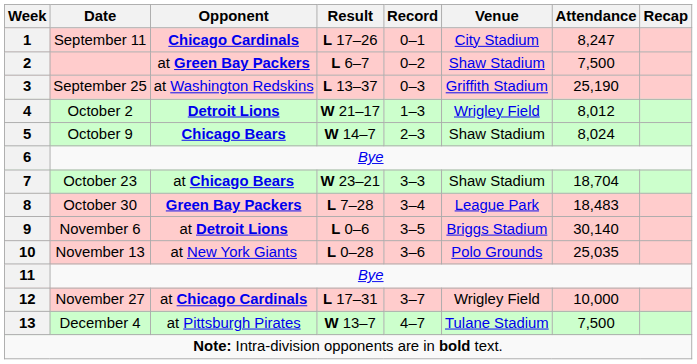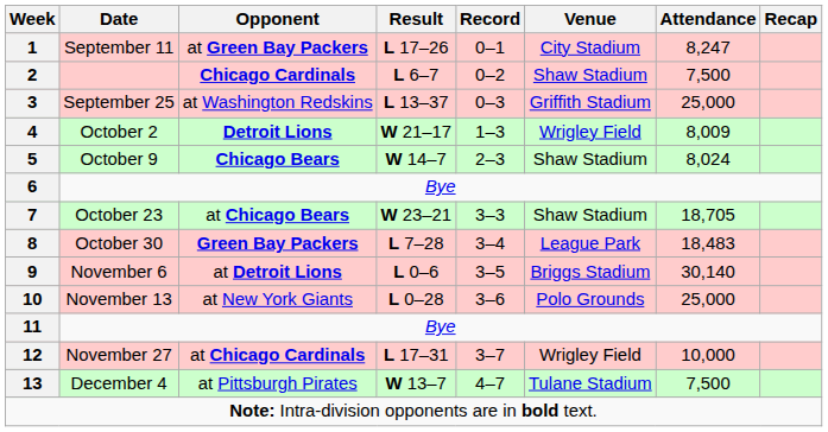 <table class="wikitable" style="text-align:center">
 <tr>
 <th>Week</th>
 <th>Date</th>
 <th>Opponent</th>
 <th>Result</th>
 <th>Record</th>
 <th>Venue</th>
 <th>Attendance</th>
 <th>Recap</th>
 </tr>
 <tr style="background:#fcc">
 <th>1</th>
 <td>September 11</td>
-<td><strong><a href='#'>Chicago Cardinals</a></strong></td>
+<td>at <strong><a href='#'>Green Bay Packers</a></strong></td>
 <td><strong>L</strong> 17–26</td>
 <td>0–1</td>
 <td><a href='#'>City Stadium</a></td>
 <td>8,247</td>
 <td></td>
 </tr>
 <tr style="background:#fcc">
 <th>2</th>
 <td></td>
-<td>at <strong><a href='#'>Green Bay Packers</a></strong></td>
+<td><strong><a href='#'>Chicago Cardinals</a></strong></td>
 <td><strong>L</strong> 6–7</td>
 <td>0–2</td>
 <td><a href='#'>Shaw Stadium</a></td>
 <td>7,500</td>
 <td></td>
 </tr>
 <tr style="background:#fcc">
 <th>3</th>
 <td>September 25</td>
 <td>at <a href='#'>Washington Redskins</a></td>
 <td><strong>L</strong> 13–37</td>
 <td>0–3</td>
 <td><a href='#'>Griffith Stadium</a></td>
-<td>25,190</td>
+<td>25,000</td>
 <td></td>
 </tr>
 <tr style="background:#cfc">
 <th>4</th>
 <td>October 2</td>
 <td><strong><a href='#'>Detroit Lions</a></strong></td>
 <td><strong>W</strong> 21–17</td>
 <td>1–3</td>
 <td><a href='#'>Wrigley Field</a></td>
-<td>8,012</td>
+<td>8,009</td>
 <td></td>
 </tr>
 <tr style="background:#cfc">
 <th>5</th>
 <td>October 9</td>
 <td><strong><a href='#'>Chicago Bears</a></strong></td>
 <td><strong>W</strong> 14–7</td>
 <td>2–3</td>
 <td>Shaw Stadium</td>
 <td>8,024</td>
 <td></td>
 </tr>
 <tr>
 <th>6</th>
 <td colspan="7"><em><a href='#'>Bye</a></em></td>
 </tr>
 <tr style="background:#cfc">
 <th>7</th>
 <td>October 23</td>
 <td>at <strong><a href='#'>Chicago Bears</a></strong></td>
 <td><strong>W</strong> 23–21</td>
 <td>3–3</td>
 <td>Shaw Stadium</td>
-<td>18,704</td>
+<td>18,705</td>
 <td></td>
 </tr>
 <tr style="background:#fcc">
 <th>8</th>
 <td>October 30</td>
 <td><strong><a href='#'>Green Bay Packers</a></strong></td>
 <td><strong>L</strong> 7–28</td>
 <td>3–4</td>
 <td><a href='#'>League Park</a></td>
 <td>18,483</td>
 <td></td>
 </tr>
 <tr style="background:#fcc">
 <th>9</th>
 <td>November 6</td>
 <td>at <strong><a href='#'>Detroit Lions</a></strong></td>
 <td><strong>L</strong> 0–6</td>
 <td>3–5</td>
 <td><a href='#'>Briggs Stadium</a></td>
 <td>30,140</td>
 <td></td>
 </tr>
 <tr style="background:#fcc">
 <th>10</th>
 <td>November 13</td>
 <td>at <a href='#'>New York Giants</a></td>
 <td><strong>L</strong> 0–28</td>
 <td>3–6</td>
 <td><a href='#'>Polo Grounds</a></td>
-<td>25,035</td>
+<td>25,000</td>
 <td></td>
 </tr>
 <tr>
 <th>11</th>
 <td colspan="7"><em><a href='#'>Bye</a></em></td>
 </tr>
 <tr style="background:#fcc">
 <th>12</th>
 <td>November 27</td>
 <td>at <strong><a href='#'>Chicago Cardinals</a></strong></td>
 <td><strong>L</strong> 17–31</td>
 <td>3–7</td>
 <td>Wrigley Field</td>
 <td>10,000</td>
 <td></td>
 </tr>
 <tr style="background:#cfc">
 <th>13</th>
 <td>December 4</td>
 <td>at <a href='#'>Pittsburgh Pirates</a></td>
 <td><strong>W</strong> 13–7</td>
 <td>4–7</td>
 <td><a href='#'>Tulane Stadium</a></td>
 <td>7,500</td>
 <td></td>
 </tr>
 <tr>
 <td colspan="8"><strong>Note:</strong> Intra-division opponents are in <strong>bold</strong> text.</td>
 </tr>
 </table>
